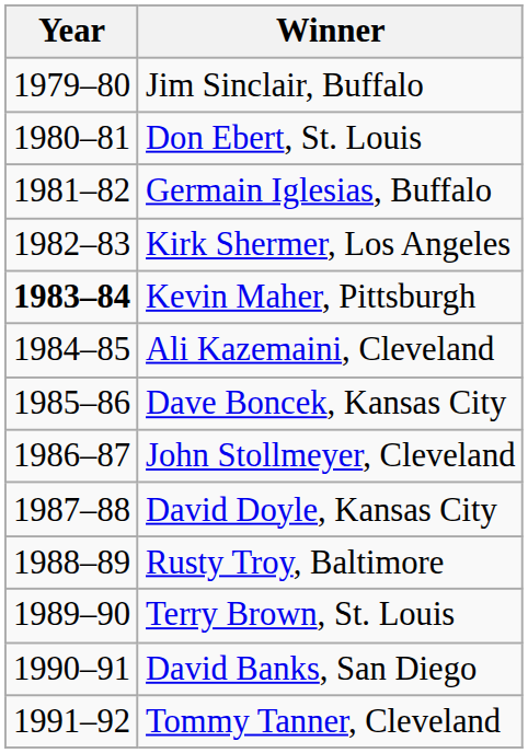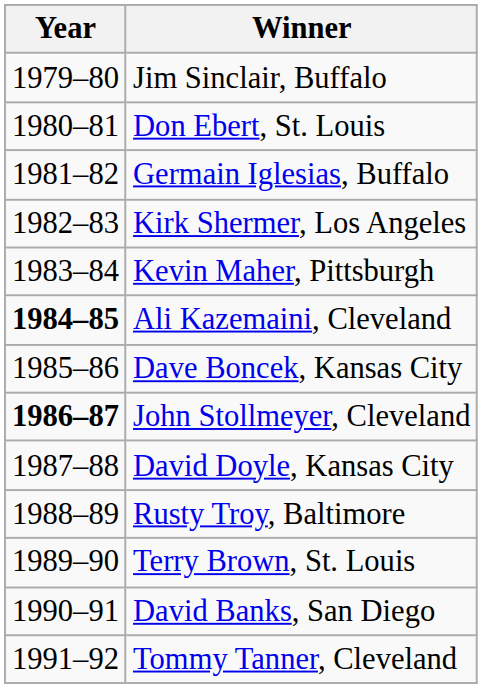 <table class="wikitable">
 <tr>
 <th>Year</th>
 <th>Winner</th>
 </tr>
 <tr>
 <td>1979–80</td>
 <td>Jim Sinclair, Buffalo</td>
 </tr>
 <tr>
 <td>1980–81</td>
 <td><a href='#'>Don Ebert</a>, St. Louis</td>
 </tr>
 <tr>
 <td>1981–82</td>
 <td><a href='#'>Germain Iglesias</a>, Buffalo</td>
 </tr>
 <tr>
 <td>1982–83</td>
 <td><a href='#'>Kirk Shermer</a>, Los Angeles</td>
 </tr>
 <tr>
-<td><strong>1983–84</strong></td>
+<td>1983–84</td>
 <td><a href='#'>Kevin Maher</a>, Pittsburgh</td>
 </tr>
 <tr>
-<td>1984–85</td>
+<td><strong>1984–85</strong></td>
 <td><a href='#'>Ali Kazemaini</a>, Cleveland</td>
 </tr>
 <tr>
 <td>1985–86</td>
 <td><a href='#'>Dave Boncek</a>, Kansas City</td>
 </tr>
 <tr>
-<td>1986–87</td>
+<td><strong>1986–87</strong></td>
 <td><a href='#'>John Stollmeyer</a>, Cleveland</td>
 </tr>
 <tr>
 <td>1987–88</td>
 <td><a href='#'>David Doyle</a>, Kansas City</td>
 </tr>
 <tr>
 <td>1988–89</td>
 <td><a href='#'>Rusty Troy</a>, Baltimore</td>
 </tr>
 <tr>
 <td>1989–90</td>
 <td><a href='#'>Terry Brown</a>, St. Louis</td>
 </tr>
 <tr>
 <td>1990–91</td>
 <td><a href='#'>David Banks</a>, San Diego</td>
 </tr>
 <tr>
 <td>1991–92</td>
 <td><a href='#'>Tommy Tanner</a>, Cleveland</td>
 </tr>
 </table>
